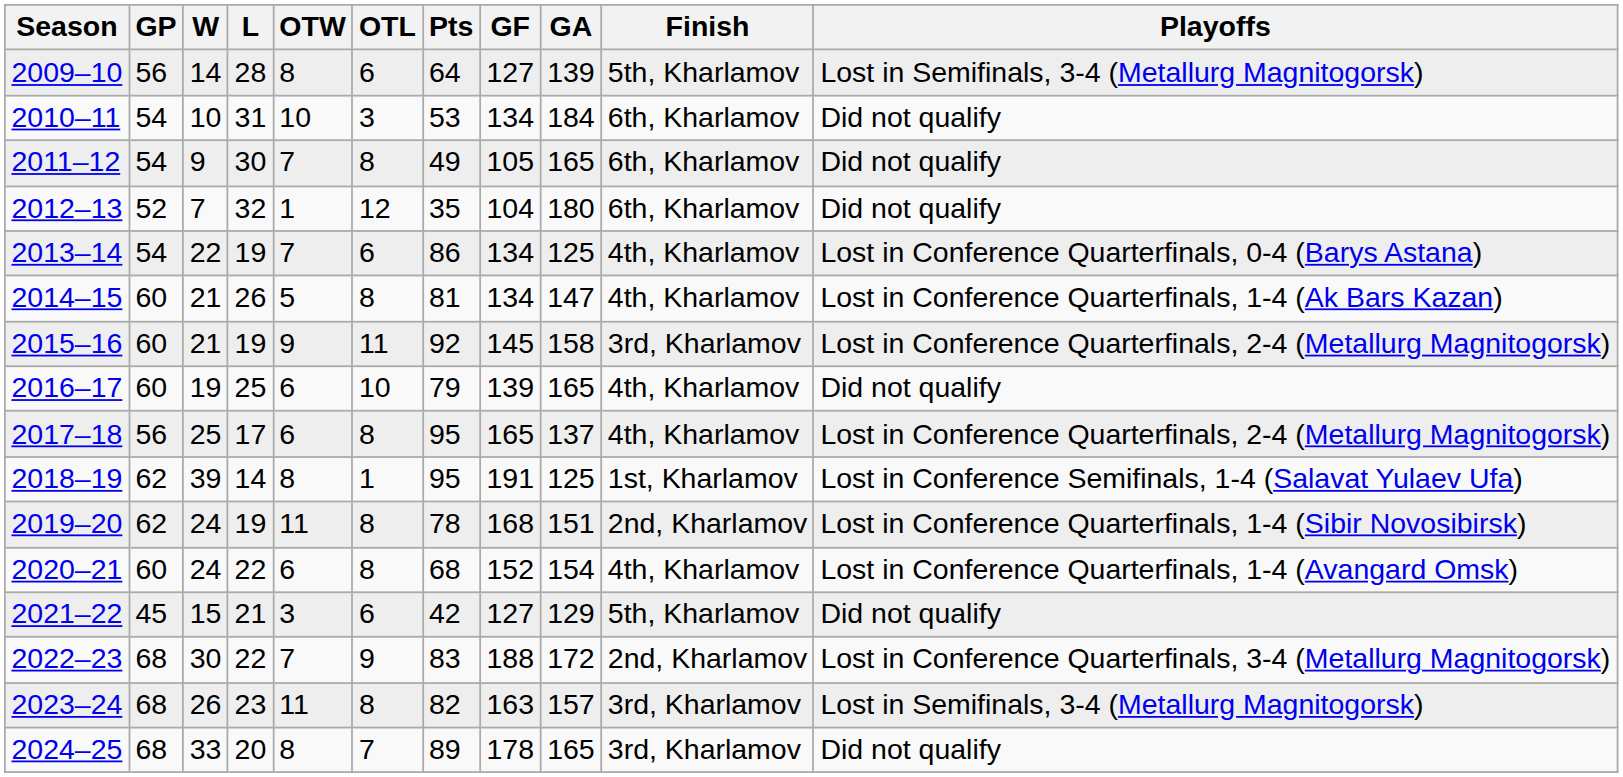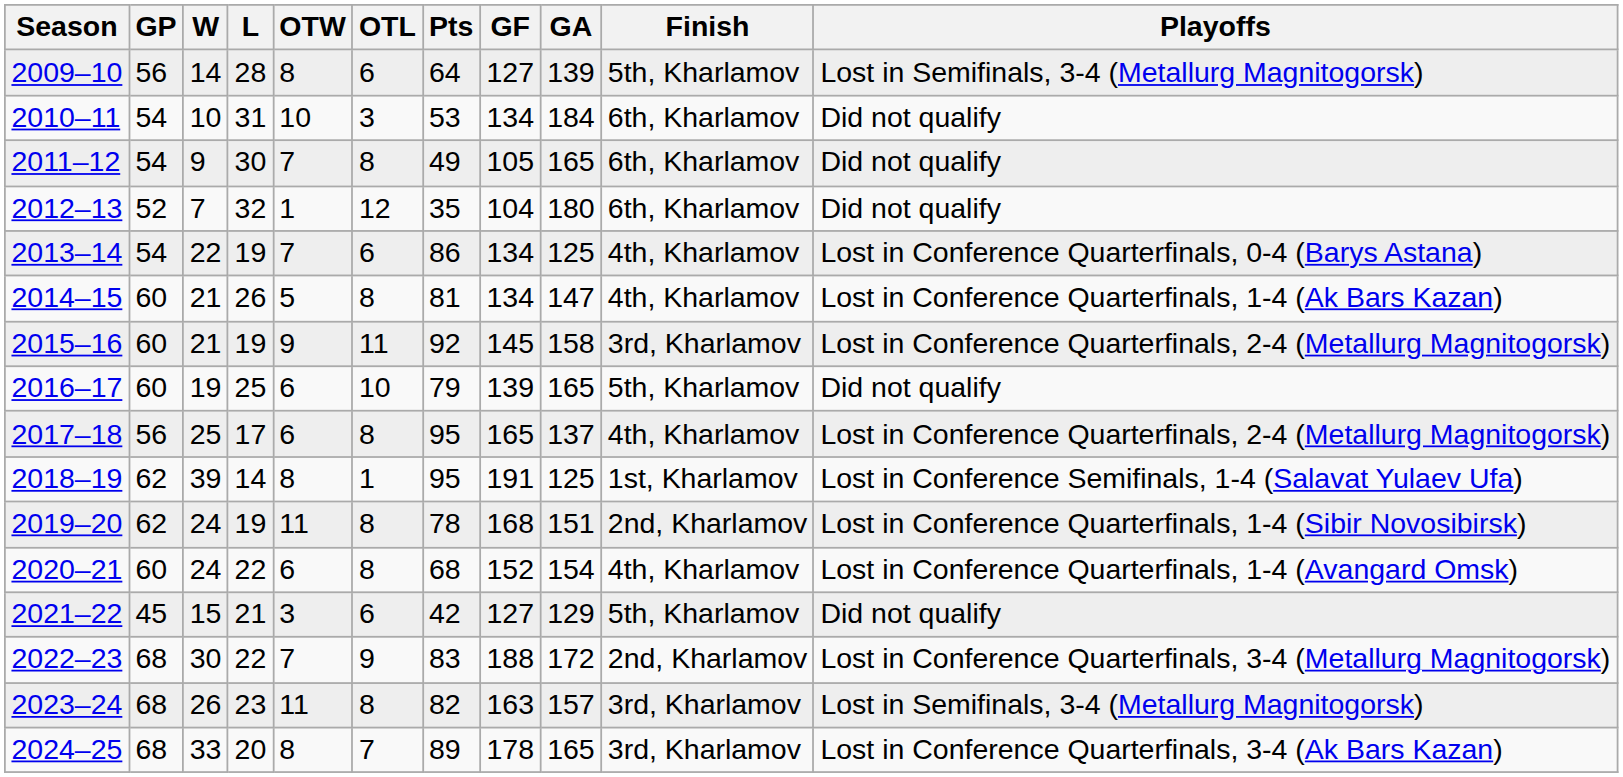 <table class="wikitable">
 <tr>
 <th>Season</th>
 <th>GP</th>
 <th>W</th>
 <th>L</th>
 <th>OTW</th>
 <th>OTL</th>
 <th>Pts</th>
 <th>GF</th>
 <th>GA</th>
 <th>Finish</th>
 <th>Playoffs</th>
 </tr>
 <tr style="background:#eee;">
 <td><a href='#'>2009–10</a></td>
 <td>56</td>
 <td>14</td>
 <td>28</td>
 <td>8</td>
 <td>6</td>
 <td>64</td>
 <td>127</td>
 <td>139</td>
 <td>5th, Kharlamov</td>
 <td>Lost in Semifinals, 3-4 (<a href='#'>Metallurg Magnitogorsk</a>)</td>
 </tr>
 <tr>
 <td><a href='#'>2010–11</a></td>
 <td>54</td>
 <td>10</td>
 <td>31</td>
 <td>10</td>
 <td>3</td>
 <td>53</td>
 <td>134</td>
 <td>184</td>
 <td>6th, Kharlamov</td>
 <td>Did not qualify</td>
 </tr>
 <tr style="background:#eee;">
 <td><a href='#'>2011–12</a></td>
 <td>54</td>
 <td>9</td>
 <td>30</td>
 <td>7</td>
 <td>8</td>
 <td>49</td>
 <td>105</td>
 <td>165</td>
 <td>6th, Kharlamov</td>
 <td>Did not qualify</td>
 </tr>
 <tr>
 <td><a href='#'>2012–13</a></td>
 <td>52</td>
 <td>7</td>
 <td>32</td>
 <td>1</td>
 <td>12</td>
 <td>35</td>
 <td>104</td>
 <td>180</td>
 <td>6th, Kharlamov</td>
 <td>Did not qualify</td>
 </tr>
 <tr style="background:#eee;">
 <td><a href='#'>2013–14</a></td>
 <td>54</td>
 <td>22</td>
 <td>19</td>
 <td>7</td>
 <td>6</td>
 <td>86</td>
 <td>134</td>
 <td>125</td>
 <td>4th, Kharlamov</td>
 <td>Lost in Conference Quarterfinals, 0-4 (<a href='#'>Barys Astana</a>)</td>
 </tr>
 <tr>
 <td><a href='#'>2014–15</a></td>
 <td>60</td>
 <td>21</td>
 <td>26</td>
 <td>5</td>
 <td>8</td>
 <td>81</td>
 <td>134</td>
 <td>147</td>
 <td>4th, Kharlamov</td>
 <td>Lost in Conference Quarterfinals, 1-4 (<a href='#'>Ak Bars Kazan</a>)</td>
 </tr>
 <tr style="background:#eee;">
 <td><a href='#'>2015–16</a></td>
 <td>60</td>
 <td>21</td>
 <td>19</td>
 <td>9</td>
 <td>11</td>
 <td>92</td>
 <td>145</td>
 <td>158</td>
 <td>3rd, Kharlamov</td>
 <td>Lost in Conference Quarterfinals, 2-4 (<a href='#'>Metallurg Magnitogorsk</a>)</td>
 </tr>
 <tr>
 <td><a href='#'>2016–17</a></td>
 <td>60</td>
 <td>19</td>
 <td>25</td>
 <td>6</td>
 <td>10</td>
 <td>79</td>
 <td>139</td>
 <td>165</td>
-<td>4th, Kharlamov</td>
+<td>5th, Kharlamov</td>
 <td>Did not qualify</td>
 </tr>
 <tr style="background:#eee;">
 <td><a href='#'>2017–18</a></td>
 <td>56</td>
 <td>25</td>
 <td>17</td>
 <td>6</td>
 <td>8</td>
 <td>95</td>
 <td>165</td>
 <td>137</td>
 <td>4th, Kharlamov</td>
 <td>Lost in Conference Quarterfinals, 2-4 (<a href='#'>Metallurg Magnitogorsk</a>)</td>
 </tr>
 <tr>
 <td><a href='#'>2018–19</a></td>
 <td>62</td>
 <td>39</td>
 <td>14</td>
 <td>8</td>
 <td>1</td>
 <td>95</td>
 <td>191</td>
 <td>125</td>
 <td>1st, Kharlamov</td>
 <td>Lost in Conference Semifinals, 1-4 (<a href='#'>Salavat Yulaev Ufa</a>)</td>
 </tr>
 <tr style="background:#eee;">
 <td><a href='#'>2019–20</a></td>
 <td>62</td>
 <td>24</td>
 <td>19</td>
 <td>11</td>
 <td>8</td>
 <td>78</td>
 <td>168</td>
 <td>151</td>
 <td>2nd, Kharlamov</td>
 <td>Lost in Conference Quarterfinals, 1-4 (<a href='#'>Sibir Novosibirsk</a>)</td>
 </tr>
 <tr>
 <td><a href='#'>2020–21</a></td>
 <td>60</td>
 <td>24</td>
 <td>22</td>
 <td>6</td>
 <td>8</td>
 <td>68</td>
 <td>152</td>
 <td>154</td>
 <td>4th, Kharlamov</td>
 <td>Lost in Conference Quarterfinals, 1-4 (<a href='#'>Avangard Omsk</a>)</td>
 </tr>
 <tr style="background:#eee;">
 <td><a href='#'>2021–22</a></td>
 <td>45</td>
 <td>15</td>
 <td>21</td>
 <td>3</td>
 <td>6</td>
 <td>42</td>
 <td>127</td>
 <td>129</td>
 <td>5th, Kharlamov</td>
 <td>Did not qualify</td>
 </tr>
 <tr>
 <td><a href='#'>2022–23</a></td>
 <td>68</td>
 <td>30</td>
 <td>22</td>
 <td>7</td>
 <td>9</td>
 <td>83</td>
 <td>188</td>
 <td>172</td>
 <td>2nd, Kharlamov</td>
 <td>Lost in Conference Quarterfinals, 3-4 (<a href='#'>Metallurg Magnitogorsk</a>)</td>
 </tr>
 <tr style="background:#eee;">
 <td><a href='#'>2023–24</a></td>
 <td>68</td>
 <td>26</td>
 <td>23</td>
 <td>11</td>
 <td>8</td>
 <td>82</td>
 <td>163</td>
 <td>157</td>
 <td>3rd, Kharlamov</td>
 <td>Lost in Semifinals, 3-4 (<a href='#'>Metallurg Magnitogorsk</a>)</td>
 </tr>
 <tr>
 <td><a href='#'>2024–25</a></td>
 <td>68</td>
 <td>33</td>
 <td>20</td>
 <td>8</td>
 <td>7</td>
 <td>89</td>
 <td>178</td>
 <td>165</td>
 <td>3rd, Kharlamov</td>
-<td>Did not qualify</td>
+<td>Lost in Conference Quarterfinals, 3-4 (<a href='#'>Ak Bars Kazan</a>)</td>
 </tr>
 </table>
